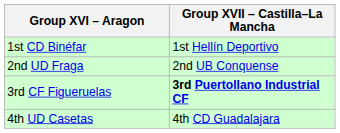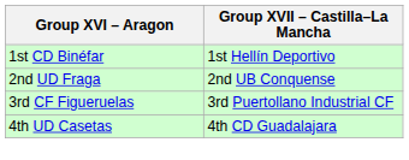 <table class="wikitable">
 <tr>
 <th width=210>Group XVI – Aragon </th>
 <th width=210>Group XVII – Castilla–La Mancha </th>
 </tr>
 <tr style="background:#D0FFD0;">
 <td>1st <a href='#'>CD Binéfar</a></td>
 <td>1st <a href='#'>Hellín Deportivo</a></td>
 </tr>
 <tr style="background:#D0FFD0;">
 <td>2nd <a href='#'>UD Fraga</a></td>
 <td>2nd <a href='#'>UB Conquense</a></td>
 </tr>
 <tr style="background:#D0FFD0;">
 <td>3rd <a href='#'>CF Figueruelas</a></td>
-<td><strong>3rd <a href='#'>Puertollano Industrial CF</a></strong></td>
+<td>3rd <a href='#'>Puertollano Industrial CF</a></td>
 </tr>
 <tr style="background:#D0FFD0;">
 <td>4th <a href='#'>UD Casetas</a></td>
 <td>4th <a href='#'>CD Guadalajara</a></td>
 </tr>
 </table>
